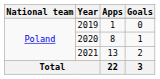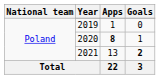 <table class=wikitable style=text-align:center>
 <tr>
 <th>National team</th>
 <th>Year</th>
 <th>Apps</th>
 <th>Goals</th>
 </tr>
 <tr>
 <td rowspan="4"><a href='#'>Poland</a></td>
 </tr>
 <tr>
 <td>2019</td>
 <td>1</td>
 <td>0</td>
 </tr>
 <tr>
 <td>2020</td>
-<td>8</td>
+<td><strong>8</strong></td>
 <td>1</td>
 </tr>
 <tr>
 <td>2021</td>
 <td>13</td>
-<td>2</td>
+<td><strong>2</strong></td>
 </tr>
 <tr>
 <th colspan="2">Total</th>
 <th>22</th>
 <th>3</th>
 </tr>
 </table>
